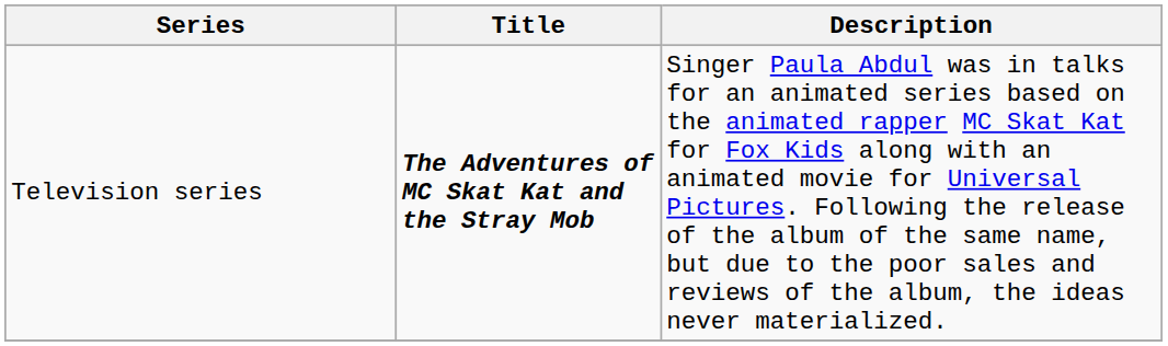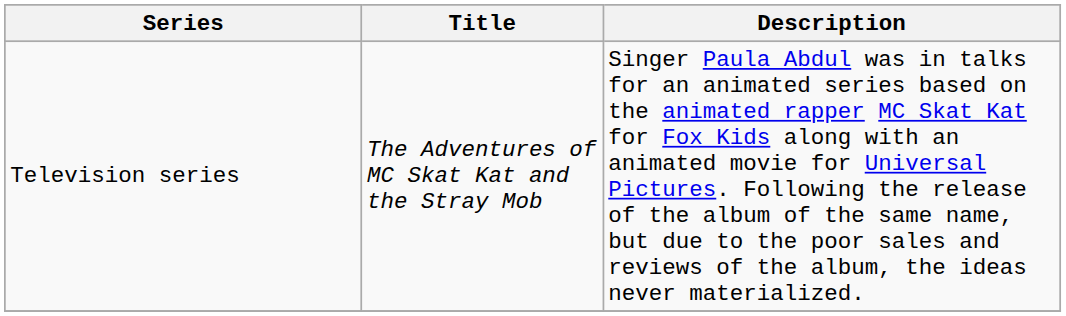 <table class="wikitable">
 <tr>
 <th style="width:150pt;">Series</th>
 <th style="width:100pt;">Title</th>
 <th>Description</th>
 </tr>
 <tr>
 <td>Television series</td>
-<td><strong><em>The Adventures of MC Skat Kat and the Stray Mob</em></strong></td>
+<td><em>The Adventures of MC Skat Kat and the Stray Mob</em></td>
 <td>Singer <a href='#'>Paula Abdul</a> was in talks for an animated series based on the <a href='#'>animated rapper</a> <a href='#'>MC Skat Kat</a> for <a href='#'>Fox Kids</a> along with an animated movie for <a href='#'>Universal Pictures</a>. Following the release of the album of the same name, but due to the poor sales and reviews of the album, the ideas never materialized.</td>
 </tr>
 <tr>
 </tr>
 </table>
